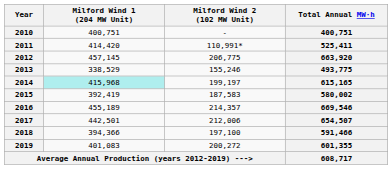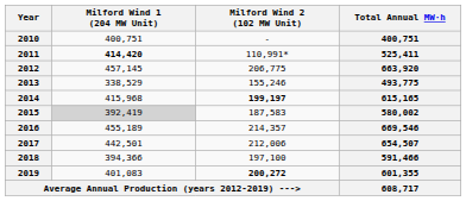 <table class=wikitable style="text-align:center; font-size:0.9em; width:600px;">
 <tr>
 <th>Year</th>
 <th>Milford Wind 1<br>(204 MW Unit) </th>
 <th>Milford Wind 2<br>(102 MW Unit) </th>
 <th>Total Annual <a href='#'>MW·h</a></th>
 </tr>
 <tr>
 <th>2010</th>
 <td>400,751</td>
 <td>-</td>
 <th>400,751</th>
 </tr>
 <tr>
 <th>2011</th>
-<td>414,420</td>
+<td><strong>414,420</strong></td>
 <td>110,991*</td>
 <th>525,411</th>
 </tr>
 <tr>
 <th>2012</th>
 <td>457,145</td>
 <td>206,775</td>
 <th>663,920</th>
 </tr>
 <tr>
 <th>2013</th>
 <td>338,529</td>
 <td>155,246</td>
 <th>493,775</th>
 </tr>
 <tr>
 <th>2014</th>
-<td style="background: paleturquoise;">415,968</td>
-<td>199,197</td>
+<td>415,968</td>
+<td><strong>199,197</strong></td>
 <th>615,165</th>
 </tr>
 <tr>
 <th>2015</th>
-<td>392,419</td>
+<td style="background: lightgrey;">392,419</td>
 <td>187,583</td>
 <th>580,002</th>
 </tr>
 <tr>
 <th>2016</th>
 <td>455,189</td>
 <td>214,357</td>
 <th>669,546</th>
 </tr>
 <tr>
 <th>2017</th>
 <td>442,501</td>
 <td>212,006</td>
 <th>654,507</th>
 </tr>
 <tr>
 <th>2018</th>
 <td>394,366</td>
 <td>197,100</td>
 <th>591,466</th>
 </tr>
 <tr>
 <th>2019</th>
 <td>401,083</td>
-<td>200,272</td>
+<td><strong>200,272</strong></td>
 <th>601,355</th>
 </tr>
 <tr>
 <th colspan=3>Average Annual Production (years 2012-2019) ---></th>
 <th>608,717</th>
 </tr>
 </table>
